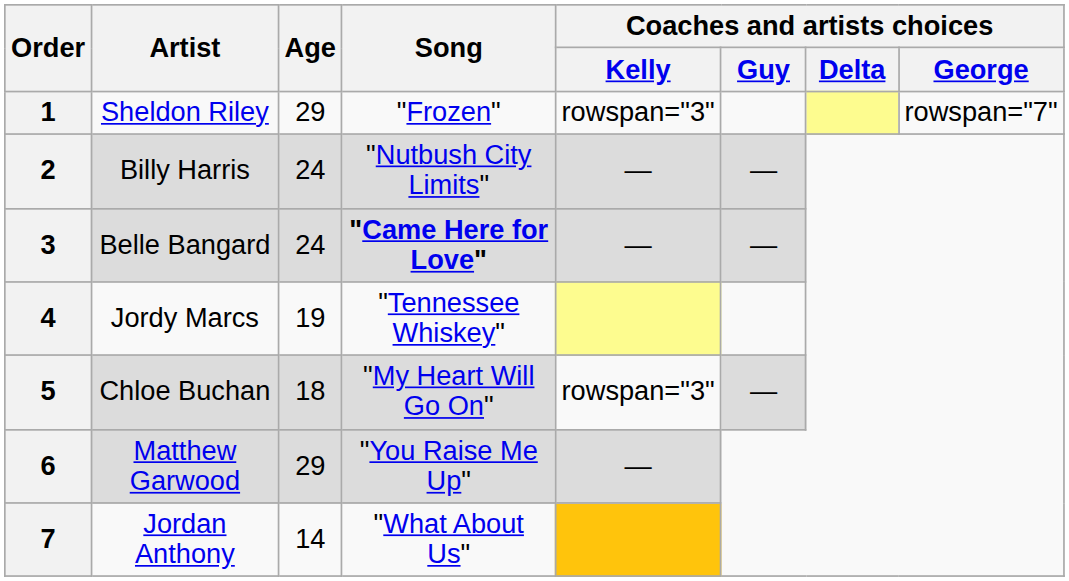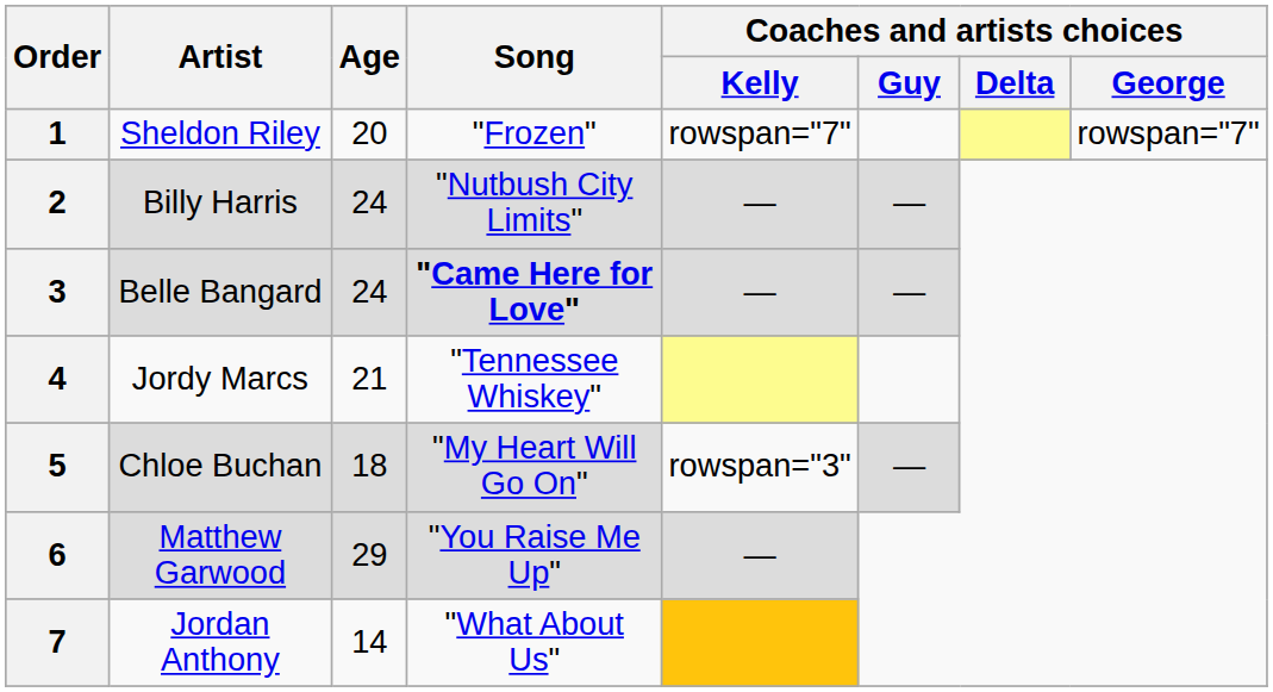 <table class="wikitable" style="text-align:center; width:100%;">
 <tr>
 <th scope="col" rowspan="2" style="width:05%;">Order</th>
 <th scope="col" rowspan="2" style="width:24%;">Artist</th>
 <th scope="col" rowspan="2" style="width:05%;">Age</th>
 <th scope="col" rowspan="2" style="width:26%;">Song</th>
 <th colspan="4" style="width:40%;">Coaches and artists choices</th>
 </tr>
 <tr>
 <th style="width:10%;"><a href='#'>Kelly</a></th>
 <th style="width:10%;"><a href='#'>Guy</a></th>
 <th style="width:10%;"><a href='#'>Delta</a></th>
 <th style="width:10%;"><a href='#'>George</a></th>
 </tr>
 <tr>
 <th>1</th>
 <td><a href='#'>Sheldon Riley</a> </td>
-<td>29</td>
+<td>20</td>
 <td>"<a href='#'>Frozen</a>"</td>
-<td>rowspan="3" </td>
+<td>rowspan="7" </td>
 <td> <strong></strong> </td>
 <td style="background-color:#FDFC8F;"> <strong></strong> </td>
 <td>rowspan="7" </td>
 </tr>
 <tr>
 <th>2</th>
 <td style="background-color:#DCDCDC;">Billy Harris</td>
 <td style="background-color:#DCDCDC;">24</td>
 <td style="background-color:#DCDCDC;">"<a href='#'>Nutbush City Limits</a>"</td>
 <td style="background-color:#DCDCDC;">—</td>
 <td style="background-color:#DCDCDC;">—</td>
 </tr>
 <tr>
 <th>3</th>
 <td style="background-color:#DCDCDC;">Belle Bangard</td>
 <td style="background-color:#DCDCDC;">24</td>
 <td style="background-color:#DCDCDC;"><strong>"<a href='#'>Came Here for Love</a>"</strong></td>
 <td style="background-color:#DCDCDC;">—</td>
 <td style="background-color:#DCDCDC;">—</td>
 </tr>
 <tr>
 <th>4</th>
 <td>Jordy Marcs</td>
-<td>19</td>
+<td>21</td>
 <td>"<a href='#'>Tennessee Whiskey</a>"</td>
 <td style="background-color:#FDFC8F;"> <strong></strong> </td>
 <td> <strong></strong> </td>
 </tr>
 <tr>
 <th>5</th>
 <td style="background-color:#DCDCDC;">Chloe Buchan</td>
 <td style="background-color:#DCDCDC;">18</td>
 <td style="background-color:#DCDCDC;">"<a href='#'>My Heart Will Go On</a>"</td>
 <td>rowspan="3" </td>
 <td style="background-color:#DCDCDC;">—</td>
 </tr>
 <tr>
 <th>6</th>
 <td style="background-color:#DCDCDC;"><a href='#'>Matthew Garwood</a> </td>
 <td style="background-color:#DCDCDC;">29</td>
 <td style="background-color:#DCDCDC;">"<a href='#'>You Raise Me Up</a>"</td>
 <td style="background-color:#DCDCDC;">—</td>
 </tr>
 <tr>
 <th>7</th>
 <td><a href='#'>Jordan Anthony</a></td>
 <td>14</td>
 <td>"<a href='#'>What About Us</a>"</td>
 <td style="background-color:#FFC40C;"> <strong></strong> </td>
 </tr>
 </table>
